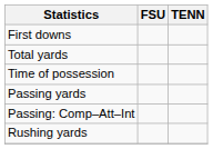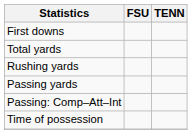 <table class="wikitable" style="float: left;">
 <tr>
 <th>Statistics</th>
 <th>FSU</th>
 <th>TENN</th>
 </tr>
 <tr>
 <td>First downs</td>
 <td></td>
 <td></td>
 </tr>
 <tr>
 <td>Total yards</td>
 <td></td>
 <td></td>
 </tr>
 <tr>
-<td>Time of possession</td>
+<td>Rushing yards</td>
 <td></td>
 <td></td>
 </tr>
 <tr>
 <td>Passing yards</td>
 <td></td>
 <td></td>
 </tr>
 <tr>
 <td>Passing: Comp–Att–Int</td>
 <td></td>
 <td></td>
 </tr>
 <tr>
-<td>Rushing yards</td>
+<td>Time of possession</td>
 <td></td>
 <td></td>
 </tr>
 <tr>
 </tr>
 </table>
